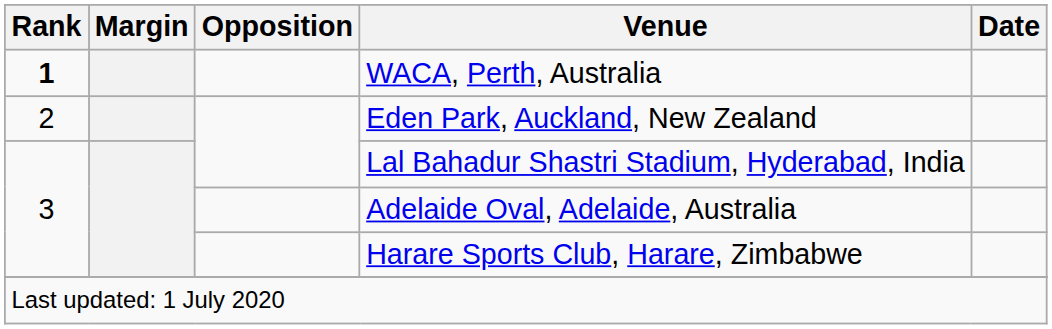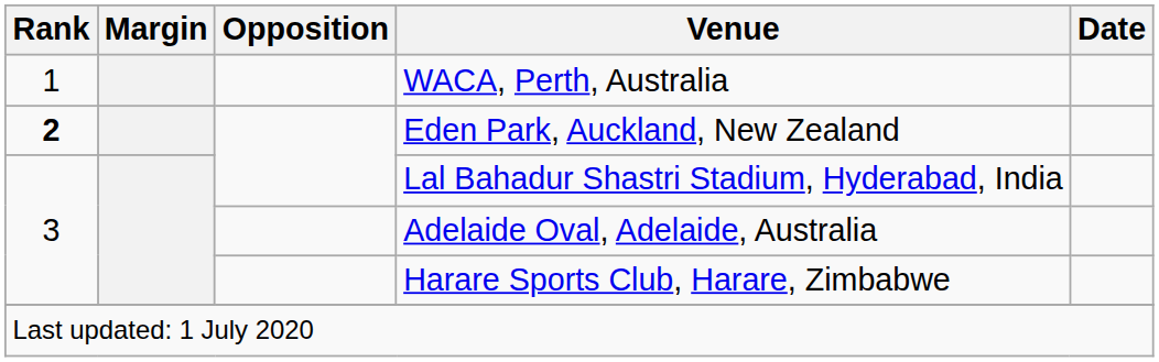 <table class="wikitable plainrowheaders sortable">
 <tr>
 <th scope=col>Rank</th>
 <th scope=col>Margin</th>
 <th scope=col>Opposition</th>
 <th scope=col>Venue</th>
 <th scope=col>Date</th>
 </tr>
 <tr>
-<td style="text-align:center"><strong>1</strong></td>
+<td style="text-align:center">1</td>
 <th scope=row style=text-align:center;></th>
 <td></td>
 <td><a href='#'>WACA</a>, <a href='#'>Perth</a>, Australia</td>
 <td></td>
 </tr>
 <tr>
-<td style="text-align:center">2</td>
+<td style="text-align:center"><strong>2</strong></td>
 <th scope=row style=text-align:center;></th>
 <td rowspan=2></td>
 <td><a href='#'>Eden Park</a>, <a href='#'>Auckland</a>, New Zealand</td>
 <td></td>
 </tr>
 <tr>
 <td style="text-align:center" rowspan=3>3</td>
 <th scope=row style=text-align:center; rowspan=3></th>
 <td><a href='#'>Lal Bahadur Shastri Stadium</a>, <a href='#'>Hyderabad</a>, India</td>
 <td> </td>
 </tr>
 <tr>
 <td></td>
 <td><a href='#'>Adelaide Oval</a>, <a href='#'>Adelaide</a>, Australia</td>
 <td></td>
 </tr>
 <tr>
 <td></td>
 <td><a href='#'>Harare Sports Club</a>, <a href='#'>Harare</a>, Zimbabwe</td>
 <td></td>
 </tr>
 <tr>
 </tr>
 <tr class=sortbottom>
 <td colspan=5><small>Last updated: 1 July 2020</small></td>
 </tr>
 </table>
